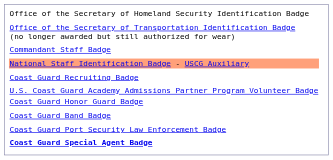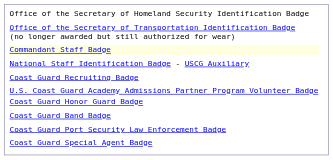 <table style="border:1px solid #8888aa; padding:5px; font-size:95%; float: left; margin: 0px 12px 12px 0px;">
 <tr>
 <td align="left">Office of the Secretary of Homeland Security Identification Badge</td>
 <td align="center"></td>
 </tr>
 <tr>
 <td></td>
 </tr>
 <tr>
 <td align="left"><a href='#'>Office of the Secretary of Transportation Identification Badge</a> <br>(no longer awarded but still authorized for wear)</td>
 <td align="center"></td>
 </tr>
 <tr>
 <td></td>
 </tr>
 <tr>
-<td align="left"><a href='#'>Commandant Staff Badge</a></td>
+<td align="left" style="background: lightyellow;"><a href='#'>Commandant Staff Badge</a></td>
 <td align="center"></td>
 </tr>
 <tr>
 <td></td>
 </tr>
 <tr>
-<td align="left" style="background: lightsalmon;"><a href='#'>National Staff Identification Badge</a> - <a href='#'>USCG Auxiliary</a></td>
+<td align="left"><a href='#'>National Staff Identification Badge</a> - <a href='#'>USCG Auxiliary</a></td>
 <td align="center"></td>
 </tr>
 <tr>
 <td></td>
 </tr>
 <tr>
 <td align="left"><a href='#'>Coast Guard Recruiting Badge</a></td>
 <td align="center"></td>
 </tr>
 <tr>
 <td></td>
 </tr>
 <tr>
 <td align="left"><a href='#'>U.S. Coast Guard Academy Admissions Partner Program Volunteer Badge</a></td>
 <td align="center"></td>
 <td></td>
 </tr>
 <tr>
 <td align="left"><a href='#'>Coast Guard Honor Guard Badge</a></td>
 <td align="center"></td>
 </tr>
 <tr>
 <td></td>
 </tr>
 <tr>
 <td align="left"><a href='#'>Coast Guard Band Badge</a></td>
 <td align="center"></td>
 </tr>
 <tr>
 <td></td>
 </tr>
 <tr>
 <td align="left"><a href='#'>Coast Guard Port Security Law Enforcement Badge</a></td>
 <td align="center"></td>
 </tr>
 <tr>
 <td></td>
 </tr>
 <tr>
-<td align="left"><strong><a href='#'>Coast Guard Special Agent Badge</a></strong></td>
+<td align="left"><a href='#'>Coast Guard Special Agent Badge</a></td>
 <td align="center"></td>
 </tr>
 <tr>
 <td></td>
 </tr>
 </table>
